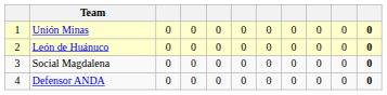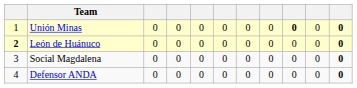 <table class="wikitable" style="text-align:center;">
 <tr>
 <th width="30"></th>
 <th width="180">Team</th>
 <th width="30"></th>
 <th width="30"></th>
 <th width="30"></th>
 <th width="30"></th>
 <th width="30"></th>
 <th width="30"></th>
 <th width="30"></th>
 <th width="30"></th>
 <th width="30"></th>
 </tr>
 <tr bgcolor=ffffcc>
 <td>1</td>
 <td align=left><a href='#'>Unión Minas</a></td>
 <td>0</td>
 <td>0</td>
 <td>0</td>
 <td>0</td>
 <td>0</td>
 <td>0</td>
-<td>0</td>
+<td><strong>0</strong></td>
 <td>0</td>
 <td><strong>0</strong></td>
 </tr>
 <tr bgcolor=ffffcc>
-<td>2</td>
+<td><strong>2</strong></td>
 <td align=left><a href='#'>León de Huánuco</a></td>
 <td>0</td>
 <td>0</td>
 <td>0</td>
 <td>0</td>
 <td>0</td>
 <td>0</td>
 <td>0</td>
 <td>0</td>
 <td><strong>0</strong></td>
 </tr>
 <tr bgcolor=>
 <td>3</td>
 <td align=left>Social Magdalena</td>
 <td>0</td>
 <td>0</td>
 <td>0</td>
 <td>0</td>
 <td>0</td>
 <td>0</td>
 <td>0</td>
 <td>0</td>
 <td><strong>0</strong></td>
 </tr>
 <tr bgcolor=>
 <td>4</td>
 <td align=left><a href='#'>Defensor ANDA</a></td>
 <td>0</td>
 <td>0</td>
 <td>0</td>
 <td>0</td>
 <td>0</td>
 <td>0</td>
 <td>0</td>
 <td>0</td>
 <td><strong>0</strong></td>
 </tr>
 </table>
